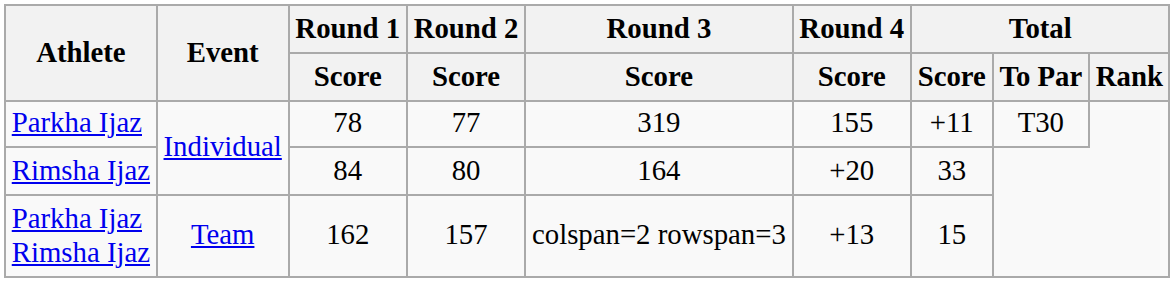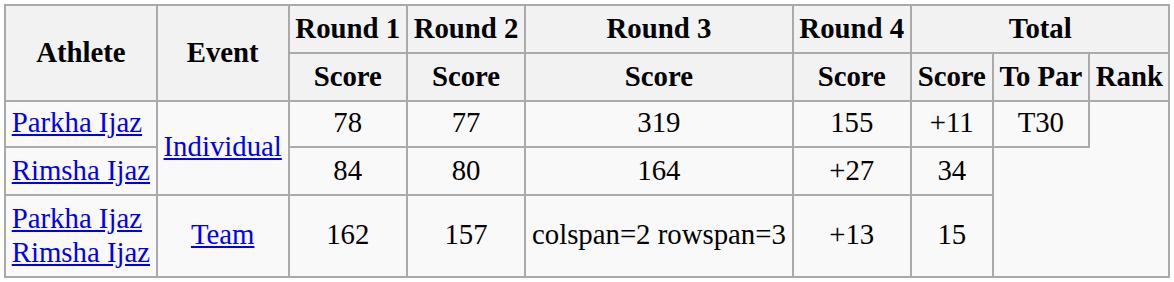 <table class=wikitable style="text-align:center; font-size:90%">
 <tr>
 <th rowspan="2">Athlete</th>
 <th rowspan="2">Event</th>
 <th>Round 1</th>
 <th>Round 2</th>
 <th>Round 3</th>
 <th>Round 4</th>
 <th colspan="3">Total</th>
 </tr>
 <tr>
 <th>Score</th>
 <th>Score</th>
 <th>Score</th>
 <th>Score</th>
 <th>Score</th>
 <th>To Par</th>
 <th>Rank</th>
 </tr>
 <tr>
 <td style="text-align:left"><a href='#'>Parkha Ijaz</a></td>
 <td rowspan="2"><a href='#'>Individual</a></td>
 <td>78</td>
 <td>77</td>
 <td>319</td>
 <td>155</td>
 <td>+11</td>
 <td>T30</td>
 </tr>
 <tr>
 <td style="text-align:left"><a href='#'>Rimsha Ijaz</a></td>
 <td>84</td>
 <td>80</td>
 <td>164</td>
-<td>+20</td>
-<td>33</td>
+<td>+27</td>
+<td>34</td>
 </tr>
 <tr>
 <td style="text-align:left"><a href='#'>Parkha Ijaz</a><br><a href='#'>Rimsha Ijaz</a></td>
 <td><a href='#'>Team</a></td>
 <td>162</td>
 <td>157</td>
 <td>colspan=2 rowspan=3</td>
 <td>+13</td>
 <td>15</td>
 </tr>
 </table>
